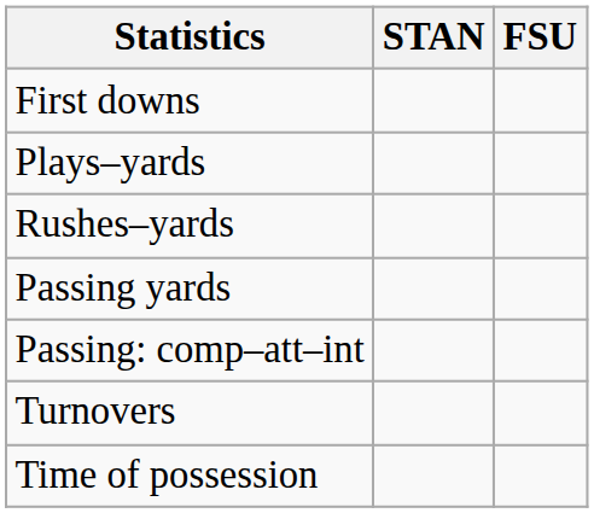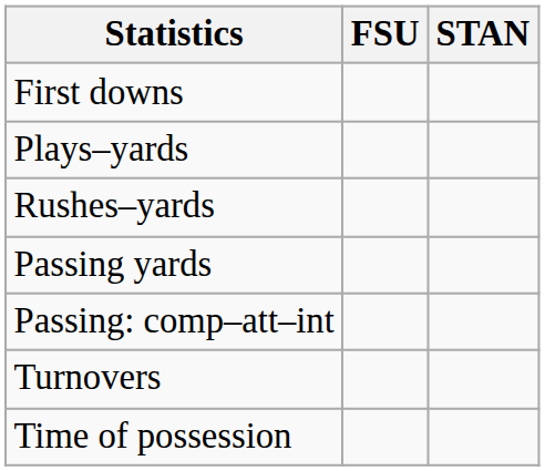 <table class="wikitable" style="float:left">
 <tr>
 <th>Statistics</th>
+<th>FSU</th>
 <th>STAN</th>
-<th>FSU</th>
 </tr>
 <tr>
 <td>First downs</td>
 <td></td>
 <td></td>
 </tr>
 <tr>
 <td>Plays–yards</td>
 <td></td>
 <td></td>
 </tr>
 <tr>
 <td>Rushes–yards</td>
 <td></td>
 <td></td>
 </tr>
 <tr>
 <td>Passing yards</td>
 <td></td>
 <td></td>
 </tr>
 <tr>
 <td>Passing: comp–att–int</td>
 <td></td>
 <td></td>
 </tr>
 <tr>
 <td>Turnovers</td>
 <td></td>
 <td></td>
 </tr>
 <tr>
 <td>Time of possession</td>
 <td></td>
 <td></td>
 </tr>
 </table>
